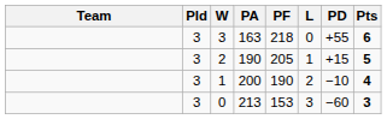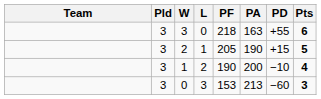 <table class="wikitable" style="text-align:center;">
 <tr>
 <th width=200>Team</th>
 <th width=20>Pld</th>
 <th width=20>W</th>
+<th width=20>L</th>
+<th width=30>PF</th>
 <th width=30>PA</th>
-<th width=30>PF</th>
-<th width=20>L</th>
 <th width=30>PD</th>
 <th width=20>Pts</th>
 </tr>
 <tr>
 <td align=left></td>
 <td>3</td>
 <td>3</td>
+<td>0</td>
+<td>218</td>
 <td>163</td>
-<td>218</td>
-<td>0</td>
 <td>+55</td>
 <td><strong>6</strong></td>
 </tr>
 <tr>
 <td align=left></td>
 <td>3</td>
 <td>2</td>
+<td>1</td>
+<td>205</td>
 <td>190</td>
-<td>205</td>
-<td>1</td>
 <td>+15</td>
 <td><strong>5</strong></td>
 </tr>
 <tr>
 <td align=left></td>
 <td>3</td>
 <td>1</td>
+<td>2</td>
+<td>190</td>
 <td>200</td>
-<td>190</td>
-<td>2</td>
 <td>−10</td>
 <td><strong>4</strong></td>
 </tr>
 <tr>
 <td align=left></td>
 <td>3</td>
 <td>0</td>
+<td>3</td>
+<td>153</td>
 <td>213</td>
-<td>153</td>
-<td>3</td>
 <td>−60</td>
 <td><strong>3</strong></td>
 </tr>
 </table>
